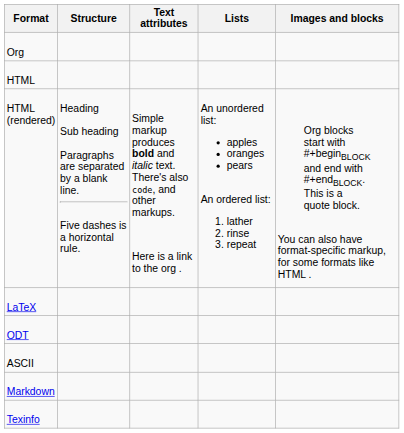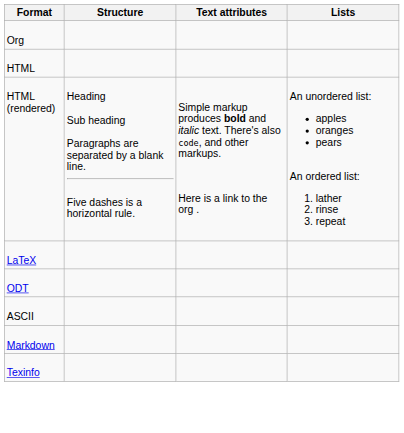 <table class="wikitable">
 <tr>
 <th width="6%">Format</th>
 <th width="22%">Structure</th>
 <th width="22%">Text attributes</th>
 <th width="22%">Lists</th>
-<th width="28%">Images and blocks</th>
 </tr>
 <tr valign="top">
 <td><br>Org</td>
-<td><br></td>
 <td><br></td>
 <td><br></td>
 <td><br></td>
 </tr>
 <tr valign="top">
 <td><br>HTML</td>
 <td><br></td>
 <td><br></td>
 <td><br></td>
-<td><br></td>
 </tr>
 <tr valign="top">
 <td><br>HTML (rendered)</td>
 <td><br><div>Heading</div><br><div>Sub heading</div><br>Paragraphs are separated by a blank line.<br><hr><br>Five dashes is a horizontal rule.</td>
 <td><br><p> Simple markup produces <strong>bold</strong> and <em>italic</em> text. There's also <code>code</code>, and other markups. </p><br><p> Here is a link to the org . </p></td>
 <td><br>An unordered list: </p> <ul> <li>apples</li> <li>oranges</li> <li>pears</li> </ul><br>An ordered list:<br><ol> <li>lather</li> <li>rinse</li> <li>repeat</li> </ol></td>
-<td><br><br><blockquote> <p> Org blocks start with #+begin<sub>BLOCK</sub> and end with #+end<sub>BLOCK</sub>. This is a quote block. </p> </blockquote><br>You can also have format-specific markup, for some formats like <abbr>HTML</abbr> .</td>
 </tr>
 <tr valign="top">
 <td><br><a href='#'>LaTeX</a></td>
-<td><br></td>
 <td><br></td>
 <td><br></td>
 <td><br></td>
 </tr>
 <tr valign="top">
 <td><br><a href='#'>ODT</a></td>
 <td><br></td>
 <td><br></td>
 <td><br></td>
-<td><br></td>
 </tr>
 <tr valign="top">
 <td><br>ASCII</td>
-<td><br></td>
 <td><br></td>
 <td><br></td>
 <td><br></td>
 </tr>
 <tr valign="top">
 <td><br><a href='#'>Markdown</a></td>
 <td><br></td>
 <td><br></td>
 <td><br></td>
-<td><br></td>
 </tr>
 <tr valign="top">
 <td><br><a href='#'>Texinfo</a></td>
 <td><br></td>
 <td><br></td>
 <td><br></td>
-<td><br></td>
 </tr>
 </table>
